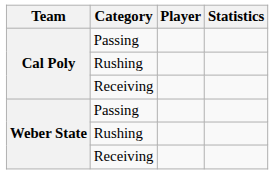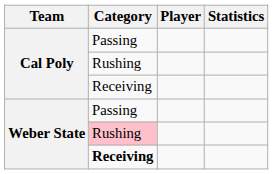 <table class="wikitable" style="float:right">
 <tr>
 <th>Team</th>
 <th>Category</th>
 <th>Player</th>
 <th>Statistics</th>
 </tr>
 <tr>
 <th rowspan=3>Cal Poly</th>
 <td>Passing</td>
 <td></td>
 <td></td>
 </tr>
 <tr>
 <td>Rushing</td>
 <td></td>
 <td></td>
 </tr>
 <tr>
 <td>Receiving</td>
 <td></td>
 <td></td>
 </tr>
 <tr>
 <th rowspan=3>Weber State</th>
 <td>Passing</td>
 <td></td>
 <td></td>
 </tr>
 <tr>
-<td>Rushing</td>
+<td style="background: pink;">Rushing</td>
 <td></td>
 <td></td>
 </tr>
 <tr>
-<td>Receiving</td>
+<td><strong>Receiving</strong></td>
 <td></td>
 <td></td>
 </tr>
 </table>
